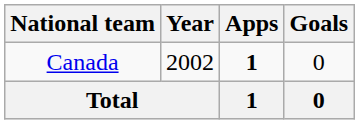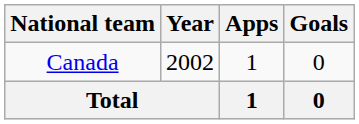 <table class=wikitable style=text-align:center>
 <tr>
 <th>National team</th>
 <th>Year</th>
 <th>Apps</th>
 <th>Goals</th>
 </tr>
 <tr>
 <td rowspan=1><a href='#'>Canada</a></td>
 <td>2002</td>
-<td><strong>1</strong></td>
+<td>1</td>
 <td>0</td>
 </tr>
 <tr>
 <th colspan=2>Total</th>
 <th>1</th>
 <th>0</th>
 </tr>
 </table>
